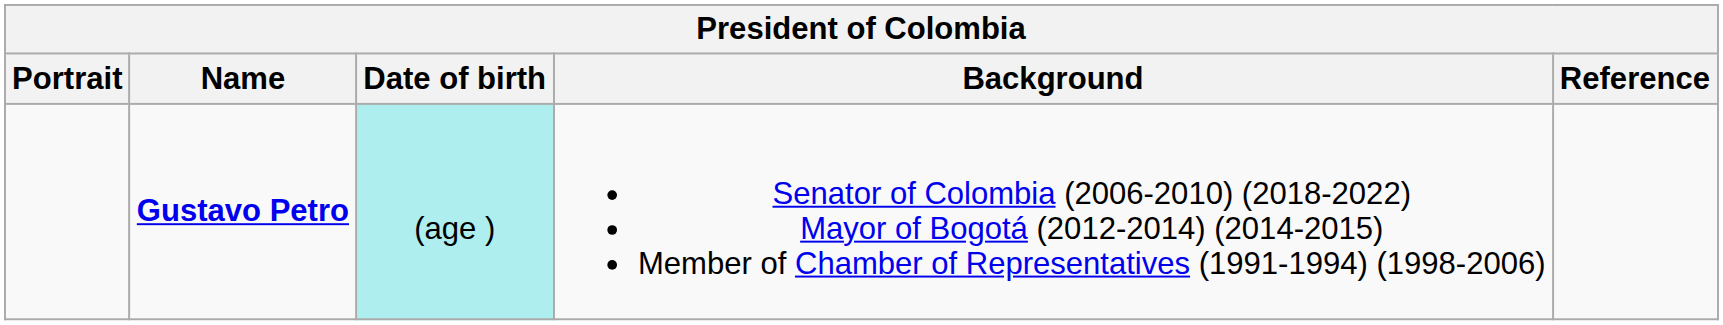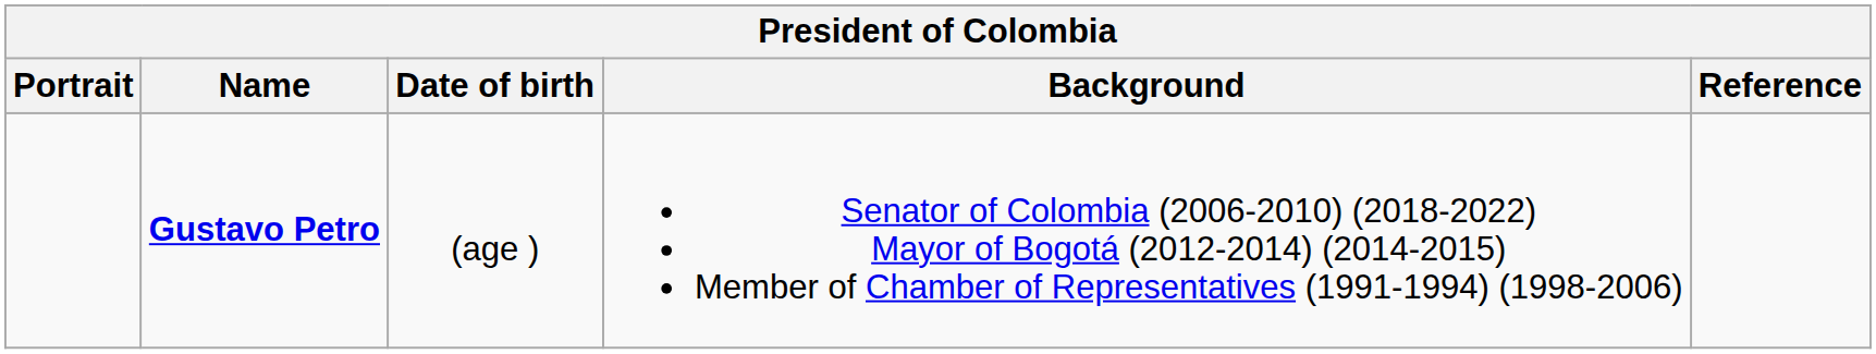 <table class="wikitable collapsible" style="text-align:center;">
 <tr>
 <th colspan="5">President of Colombia</th>
 </tr>
 <tr>
 <th>Portrait</th>
 <th>Name</th>
 <th>Date of birth</th>
 <th>Background</th>
 <th>Reference</th>
 </tr>
 <tr>
 <td></td>
 <td><strong><a href='#'>Gustavo Petro</a></strong></td>
-<td style="background: paleturquoise;"><br>(age )</td>
+<td><br>(age )</td>
 <td><br><ul><li><a href='#'>Senator of Colombia</a> (2006-2010) (2018-2022)</li><li><a href='#'>Mayor of Bogotá</a> (2012-2014) (2014-2015)</li><li>Member of <a href='#'>Chamber of Representatives</a> (1991-1994) (1998-2006)</li></ul></td>
 <td></td>
 </tr>
 </table>
